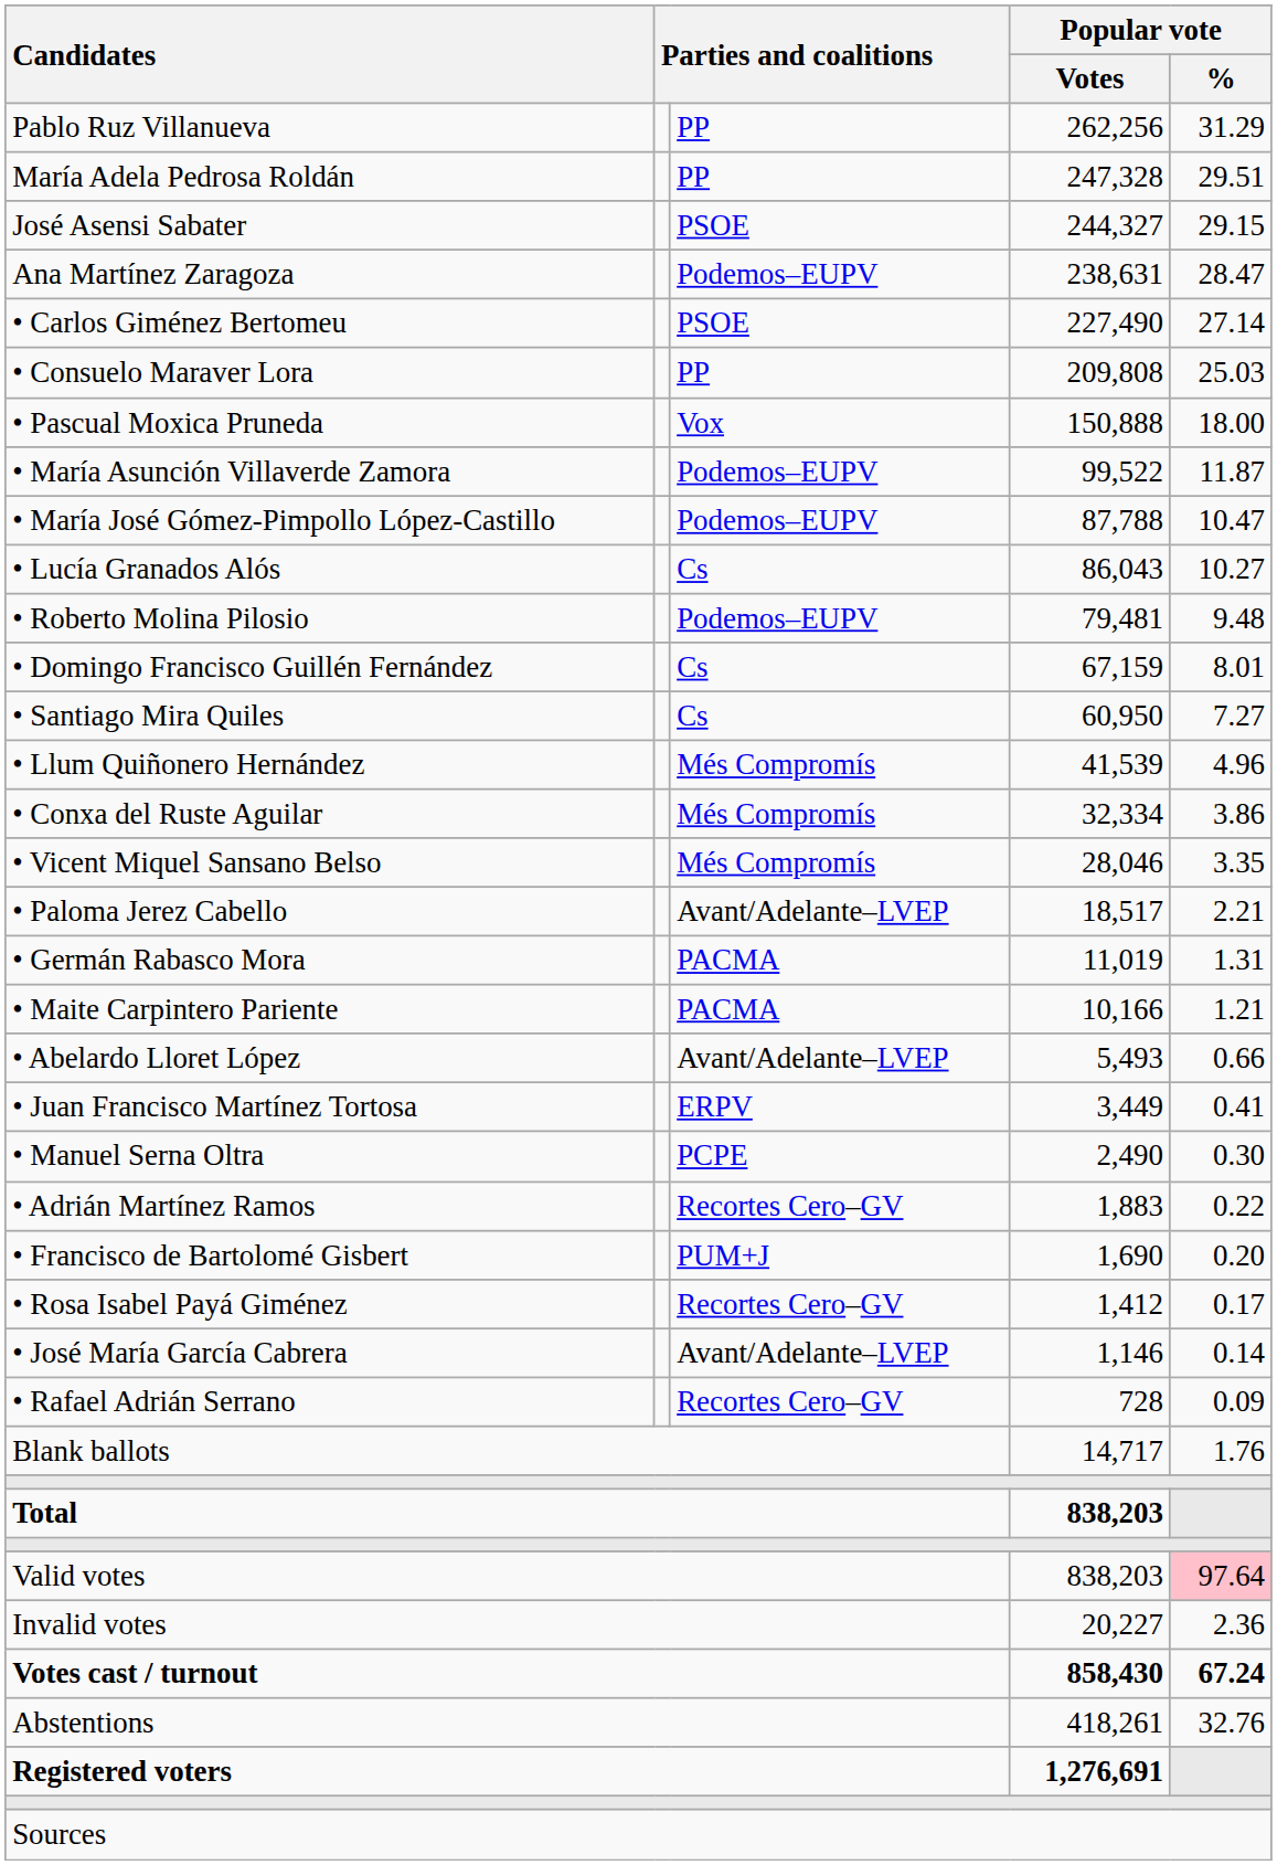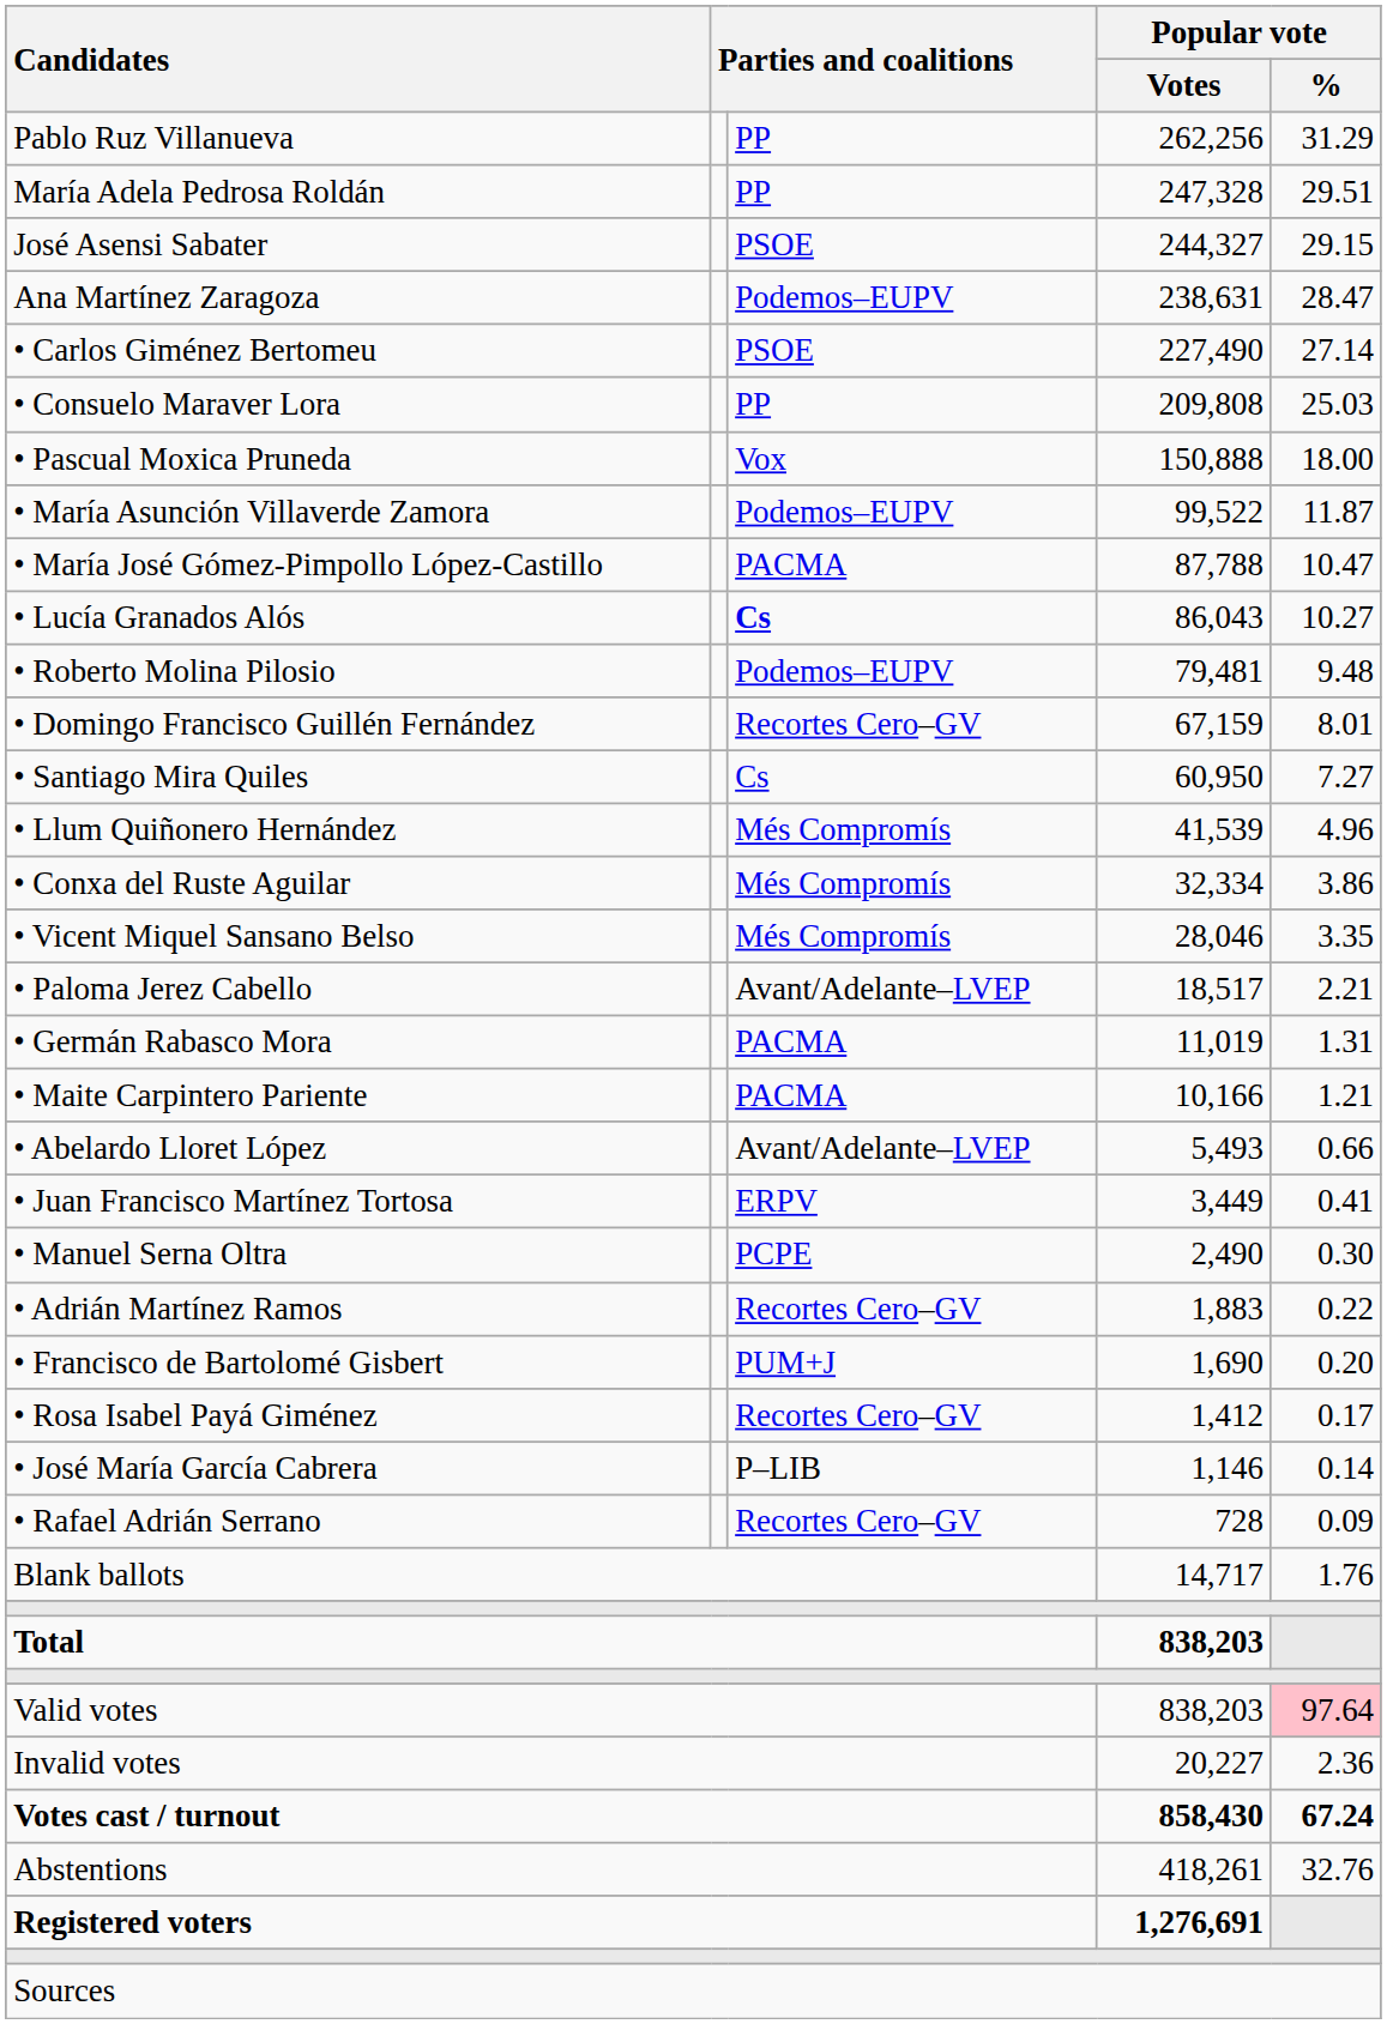 <table class="wikitable" style="text-align:right; font-size:95%;">
 <tr>
 <th style="text-align:left;" rowspan="2" width="325">Candidates</th>
 <th style="text-align:left;" rowspan="2" colspan="2" width="175">Parties and coalitions</th>
 <th colspan="2">Popular vote</th>
 </tr>
 <tr>
 <th width="75">Votes</th>
 <th width="45">%</th>
 </tr>
 <tr>
 <td align="left"> Pablo Ruz Villanueva</td>
 <td width="1" style="color:inherit;background:"></td>
 <td align="left"><a href='#'>PP</a></td>
 <td>262,256</td>
 <td>31.29</td>
 </tr>
 <tr>
 <td align="left"> María Adela Pedrosa Roldán</td>
 <td style="color:inherit;background:"></td>
 <td align="left"><a href='#'>PP</a></td>
 <td>247,328</td>
 <td>29.51</td>
 </tr>
 <tr>
 <td align="left"> José Asensi Sabater</td>
 <td style="color:inherit;background:"></td>
 <td align="left"><a href='#'>PSOE</a></td>
 <td>244,327</td>
 <td>29.15</td>
 </tr>
 <tr>
 <td align="left"> Ana Martínez Zaragoza</td>
 <td style="color:inherit;background:"></td>
 <td align="left"><a href='#'>Podemos–EUPV</a></td>
 <td>238,631</td>
 <td>28.47</td>
 </tr>
 <tr>
 <td align="left">• Carlos Giménez Bertomeu</td>
 <td style="color:inherit;background:"></td>
 <td align="left"><a href='#'>PSOE</a></td>
 <td>227,490</td>
 <td>27.14</td>
 </tr>
 <tr>
 <td align="left">• Consuelo Maraver Lora</td>
 <td style="color:inherit;background:"></td>
 <td align="left"><a href='#'>PP</a></td>
 <td>209,808</td>
 <td>25.03</td>
 </tr>
 <tr>
 <td align="left">• Pascual Moxica Pruneda</td>
 <td style="color:inherit;background:"></td>
 <td align="left"><a href='#'>Vox</a></td>
 <td>150,888</td>
 <td>18.00</td>
 </tr>
 <tr>
 <td align="left">• María Asunción Villaverde Zamora</td>
 <td style="color:inherit;background:"></td>
 <td align="left"><a href='#'>Podemos–EUPV</a></td>
 <td>99,522</td>
 <td>11.87</td>
 </tr>
 <tr>
 <td align="left">• María José Gómez-Pimpollo López-Castillo</td>
 <td style="color:inherit;background:"></td>
-<td align="left"><a href='#'>Podemos–EUPV</a></td>
+<td align="left"><a href='#'>PACMA</a></td>
 <td>87,788</td>
 <td>10.47</td>
 </tr>
 <tr>
 <td align="left">• Lucía Granados Alós</td>
 <td style="color:inherit;background:"></td>
-<td align="left"><a href='#'>Cs</a></td>
+<td align="left"><strong><a href='#'>Cs</a></strong></td>
 <td>86,043</td>
 <td>10.27</td>
 </tr>
 <tr>
 <td align="left">• Roberto Molina Pilosio</td>
 <td style="color:inherit;background:"></td>
 <td align="left"><a href='#'>Podemos–EUPV</a></td>
 <td>79,481</td>
 <td>9.48</td>
 </tr>
 <tr>
 <td align="left">• Domingo Francisco Guillén Fernández</td>
 <td style="color:inherit;background:"></td>
-<td align="left"><a href='#'>Cs</a></td>
+<td align="left"><a href='#'>Recortes Cero</a>–<a href='#'>GV</a></td>
 <td>67,159</td>
 <td>8.01</td>
 </tr>
 <tr>
 <td align="left">• Santiago Mira Quiles</td>
 <td style="color:inherit;background:"></td>
 <td align="left"><a href='#'>Cs</a></td>
 <td>60,950</td>
 <td>7.27</td>
 </tr>
 <tr>
 <td align="left">• Llum Quiñonero Hernández</td>
 <td style="color:inherit;background:"></td>
 <td align="left"><a href='#'>Més Compromís</a></td>
 <td>41,539</td>
 <td>4.96</td>
 </tr>
 <tr>
 <td align="left">• Conxa del Ruste Aguilar</td>
 <td style="color:inherit;background:"></td>
 <td align="left"><a href='#'>Més Compromís</a></td>
 <td>32,334</td>
 <td>3.86</td>
 </tr>
 <tr>
 <td align="left">• Vicent Miquel Sansano Belso</td>
 <td style="color:inherit;background:"></td>
 <td align="left"><a href='#'>Més Compromís</a></td>
 <td>28,046</td>
 <td>3.35</td>
 </tr>
 <tr>
 <td align="left">• Paloma Jerez Cabello</td>
 <td style="color:inherit;background:"></td>
 <td align="left">Avant/Adelante–<a href='#'>LVEP</a></td>
 <td>18,517</td>
 <td>2.21</td>
 </tr>
 <tr>
 <td align="left">• Germán Rabasco Mora</td>
 <td style="color:inherit;background:"></td>
 <td align="left"><a href='#'>PACMA</a></td>
 <td>11,019</td>
 <td>1.31</td>
 </tr>
 <tr>
 <td align="left">• Maite Carpintero Pariente</td>
 <td style="color:inherit;background:"></td>
 <td align="left"><a href='#'>PACMA</a></td>
 <td>10,166</td>
 <td>1.21</td>
 </tr>
 <tr>
 <td align="left">• Abelardo Lloret López</td>
 <td style="color:inherit;background:"></td>
 <td align="left">Avant/Adelante–<a href='#'>LVEP</a></td>
 <td>5,493</td>
 <td>0.66</td>
 </tr>
 <tr>
 <td align="left">• Juan Francisco Martínez Tortosa</td>
 <td style="color:inherit;background:"></td>
 <td align="left"><a href='#'>ERPV</a></td>
 <td>3,449</td>
 <td>0.41</td>
 </tr>
 <tr>
 <td align="left">• Manuel Serna Oltra</td>
 <td style="color:inherit;background:"></td>
 <td align="left"><a href='#'>PCPE</a></td>
 <td>2,490</td>
 <td>0.30</td>
 </tr>
 <tr>
 <td align="left">• Adrián Martínez Ramos</td>
 <td style="color:inherit;background:"></td>
 <td align="left"><a href='#'>Recortes Cero</a>–<a href='#'>GV</a></td>
 <td>1,883</td>
 <td>0.22</td>
 </tr>
 <tr>
 <td align="left">• Francisco de Bartolomé Gisbert</td>
 <td style="color:inherit;background:"></td>
 <td align="left"><a href='#'>PUM+J</a></td>
 <td>1,690</td>
 <td>0.20</td>
 </tr>
 <tr>
 <td align="left">• Rosa Isabel Payá Giménez</td>
 <td style="color:inherit;background:"></td>
 <td align="left"><a href='#'>Recortes Cero</a>–<a href='#'>GV</a></td>
 <td>1,412</td>
 <td>0.17</td>
 </tr>
 <tr>
 <td align="left">• José María García Cabrera</td>
 <td style="color:inherit;background:"></td>
-<td align="left">Avant/Adelante–<a href='#'>LVEP</a></td>
+<td align="left">P–LIB</td>
 <td>1,146</td>
 <td>0.14</td>
 </tr>
 <tr>
 <td align="left">• Rafael Adrián Serrano</td>
 <td style="color:inherit;background:"></td>
 <td align="left"><a href='#'>Recortes Cero</a>–<a href='#'>GV</a></td>
 <td>728</td>
 <td>0.09</td>
 </tr>
 <tr>
 <td align="left" colspan="3">Blank ballots</td>
 <td>14,717</td>
 <td>1.76</td>
 </tr>
 <tr>
 <td colspan="5" bgcolor="#E9E9E9"></td>
 </tr>
 <tr style="font-weight:bold;">
 <td align="left" colspan="3">Total</td>
 <td>838,203</td>
 <td bgcolor="#E9E9E9"></td>
 </tr>
 <tr>
 <td colspan="5" bgcolor="#E9E9E9"></td>
 </tr>
 <tr>
 <td align="left" colspan="3">Valid votes</td>
 <td>838,203</td>
 <td style="background: pink;">97.64</td>
 </tr>
 <tr>
 <td align="left" colspan="3">Invalid votes</td>
 <td>20,227</td>
 <td>2.36</td>
 </tr>
 <tr style="font-weight:bold;">
 <td align="left" colspan="3">Votes cast / turnout</td>
 <td>858,430</td>
 <td>67.24</td>
 </tr>
 <tr>
 <td align="left" colspan="3">Abstentions</td>
 <td>418,261</td>
 <td>32.76</td>
 </tr>
 <tr style="font-weight:bold;">
 <td align="left" colspan="3">Registered voters</td>
 <td>1,276,691</td>
 <td bgcolor="#E9E9E9"></td>
 </tr>
 <tr>
 <td colspan="5" bgcolor="#E9E9E9"></td>
 </tr>
 <tr>
 <td align="left" colspan="5">Sources</td>
 </tr>
 </table>
